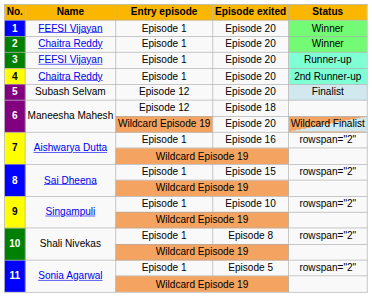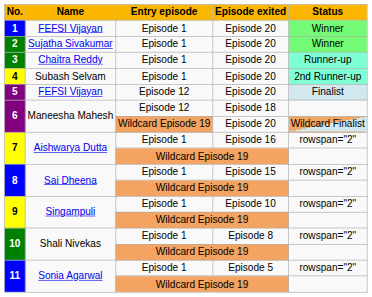 <table class="wikitable sortable" style="text-align:center;">
 <tr>
 <th scope="col" style="background:#FBB700">No.</th>
 <th scope="col" style="background:#FBB700">Name</th>
 <th scope="col" style="background:#FBB700">Entry episode</th>
 <th scope="col" style="background:#FBB700">Episode exited</th>
 <th scope="col" style="background:#FBB700">Status</th>
 </tr>
 <tr>
 <th scope="row" style="background:Blue;color:white;">1</th>
 <td><a href='#'>FEFSI Vijayan</a></td>
 <td>Episode 1</td>
 <td>Episode 20</td>
 <td style="background: #73FB76">Winner</td>
 </tr>
 <tr>
 <th scope="row" style="background:Green;color:white;">2</th>
-<td><a href='#'>Chaitra Reddy</a></td>
+<td><a href='#'>Sujatha Sivakumar</a></td>
 <td>Episode 1</td>
 <td>Episode 20</td>
 <td style="background: #73FB76">Winner</td>
 </tr>
 <tr>
 <th scope="row" style="background:Green;color:white;">3</th>
-<td><a href='#'>FEFSI Vijayan</a></td>
+<td><a href='#'>Chaitra Reddy</a></td>
 <td>Episode 1</td>
 <td>Episode 20</td>
 <td style="background: #7FFFD4">Runner-up</td>
 </tr>
 <tr>
 <th scope="row" style="background:Yellow;">4</th>
-<td><a href='#'>Chaitra Reddy</a></td>
+<td>Subash Selvam</td>
 <td>Episode 1</td>
 <td>Episode 20</td>
 <td style="background: #7FFFD4">2nd Runner-up</td>
 </tr>
 <tr>
 <th scope="row" style="background:Purple;color:white;">5</th>
-<td>Subash Selvam</td>
+<td><a href='#'>FEFSI Vijayan</a></td>
 <td>Episode 12</td>
 <td>Episode 20</td>
 <td style="background: #D1E8EF;">Finalist</td>
 </tr>
 <tr>
 <th scope="rowgroup" rowspan="2" style="background:Purple;color:white;">6</th>
 <td rowspan="2">Maneesha Mahesh</td>
 <td>Episode 12</td>
 <td>Episode 18</td>
 <td></td>
 </tr>
 <tr>
 <td style="background: sandybrown;">Wildcard Episode 19</td>
 <td>Episode 20</td>
 <td style="background-image: linear-gradient(to right bottom, sandybrown 50%, #D1E8EF 50%);">Wildcard Finalist</td>
 </tr>
 <tr>
 <th scope="rowgroup" rowspan="2" style="background:Yellow;">7</th>
 <td rowspan="2"><a href='#'>Aishwarya Dutta</a></td>
 <td>Episode 1</td>
 <td>Episode 16</td>
 <td>rowspan="2" </td>
 </tr>
 <tr>
 <td colspan="2" style="background: sandybrown;">Wildcard Episode 19</td>
 </tr>
 <tr>
 <th scope="rowgroup" rowspan="2" style="background:Blue;color:white;">8</th>
 <td rowspan="2"><a href='#'>Sai Dheena</a></td>
 <td>Episode 1</td>
 <td>Episode 15</td>
 <td>rowspan="2" </td>
 </tr>
 <tr>
 <td colspan="2" style="background: sandybrown;">Wildcard Episode 19</td>
 </tr>
 <tr>
 <th scope="rowgroup" rowspan="2" style="background:Yellow;">9</th>
 <td rowspan="2"><a href='#'>Singampuli</a></td>
 <td>Episode 1</td>
 <td>Episode 10</td>
 <td>rowspan="2" </td>
 </tr>
 <tr>
 <td colspan="2" style="background: sandybrown;">Wildcard Episode 19</td>
 </tr>
 <tr>
 <th scope="rowgroup" rowspan="2" style="background:Green;color:white;">10</th>
 <td rowspan="2">Shali Nivekas</td>
 <td>Episode 1</td>
 <td>Episode 8</td>
 <td>rowspan="2" </td>
 </tr>
 <tr>
 <td colspan="2" style="background: sandybrown;">Wildcard Episode 19</td>
 </tr>
 <tr>
 <th scope="rowgroup" rowspan="2" style="background:Blue;color:white;">11</th>
 <td rowspan="2"><a href='#'>Sonia Agarwal</a></td>
 <td>Episode 1</td>
 <td>Episode 5</td>
 <td>rowspan="2" </td>
 </tr>
 <tr>
 <td colspan="2" style="background: sandybrown;">Wildcard Episode 19</td>
 </tr>
 </table>
